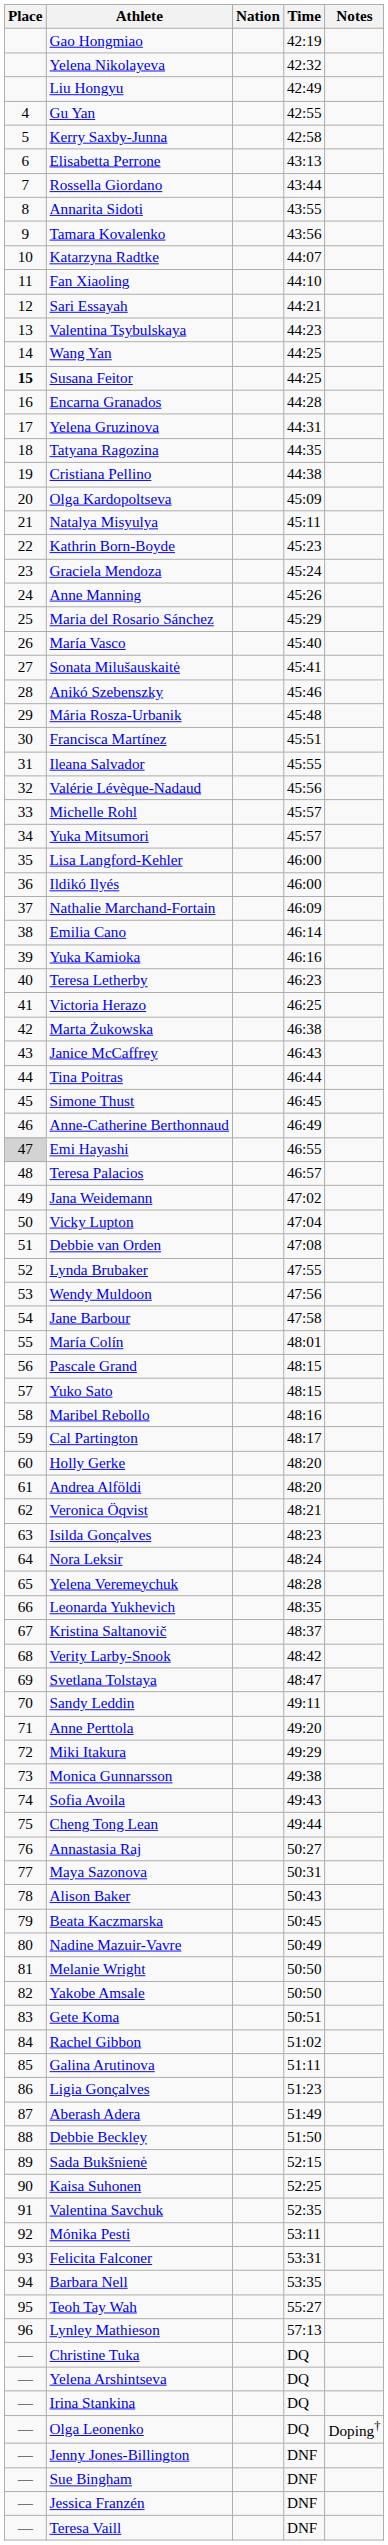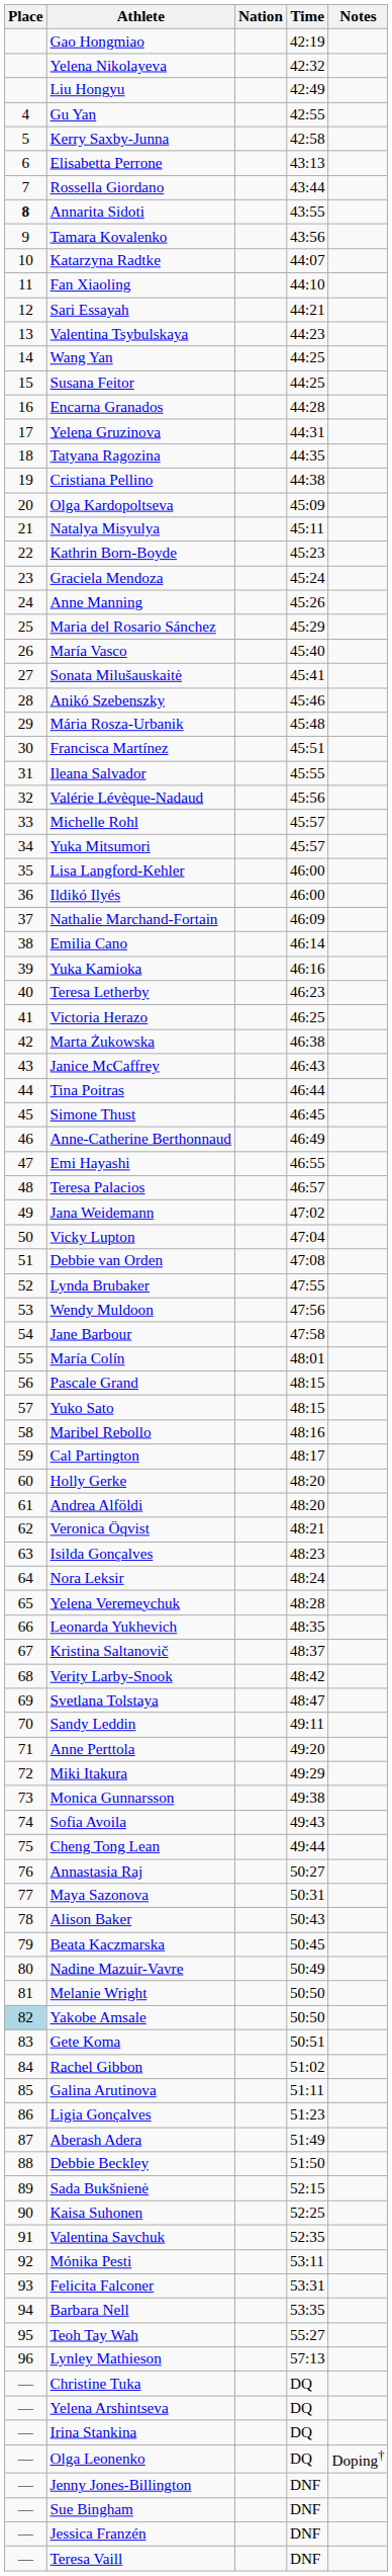 <table class="wikitable sortable">
 <tr>
 <th>Place</th>
 <th>Athlete</th>
 <th>Nation</th>
 <th>Time</th>
 <th>Notes</th>
 </tr>
 <tr>
 <td align=center></td>
 <td><a href='#'>Gao Hongmiao</a></td>
 <td></td>
 <td>42:19</td>
 <td> </td>
 </tr>
 <tr>
 <td align=center></td>
 <td><a href='#'>Yelena Nikolayeva</a></td>
 <td></td>
 <td>42:32</td>
 <td> </td>
 </tr>
 <tr>
 <td align=center></td>
 <td><a href='#'>Liu Hongyu</a></td>
 <td></td>
 <td>42:49</td>
 <td> </td>
 </tr>
 <tr>
 <td align=center>4</td>
 <td><a href='#'>Gu Yan</a></td>
 <td></td>
 <td>42:55</td>
 <td> </td>
 </tr>
 <tr>
 <td align=center>5</td>
 <td><a href='#'>Kerry Saxby-Junna</a></td>
 <td></td>
 <td>42:58</td>
 <td> </td>
 </tr>
 <tr>
 <td align=center>6</td>
 <td><a href='#'>Elisabetta Perrone</a></td>
 <td></td>
 <td>43:13</td>
 <td> </td>
 </tr>
 <tr>
 <td align=center>7</td>
 <td><a href='#'>Rossella Giordano</a></td>
 <td></td>
 <td>43:44</td>
 <td> </td>
 </tr>
 <tr>
-<td align=center>8</td>
+<td align=center><strong>8</strong></td>
 <td><a href='#'>Annarita Sidoti</a></td>
 <td></td>
 <td>43:55</td>
 <td> </td>
 </tr>
 <tr>
 <td align=center>9</td>
 <td><a href='#'>Tamara Kovalenko</a></td>
 <td></td>
 <td>43:56</td>
 <td> </td>
 </tr>
 <tr>
 <td align=center>10</td>
 <td><a href='#'>Katarzyna Radtke</a></td>
 <td></td>
 <td>44:07</td>
 <td> </td>
 </tr>
 <tr>
 <td align=center>11</td>
 <td><a href='#'>Fan Xiaoling</a></td>
 <td></td>
 <td>44:10</td>
 <td> </td>
 </tr>
 <tr>
 <td align=center>12</td>
 <td><a href='#'>Sari Essayah</a></td>
 <td></td>
 <td>44:21</td>
 <td> </td>
 </tr>
 <tr>
 <td align=center>13</td>
 <td><a href='#'>Valentina Tsybulskaya</a></td>
 <td></td>
 <td>44:23</td>
 <td> </td>
 </tr>
 <tr>
 <td align=center>14</td>
 <td><a href='#'>Wang Yan</a></td>
 <td></td>
 <td>44:25</td>
 <td> </td>
 </tr>
 <tr>
-<td align=center><strong>15</strong></td>
+<td align=center>15</td>
 <td><a href='#'>Susana Feitor</a></td>
 <td></td>
 <td>44:25</td>
 <td> </td>
 </tr>
 <tr>
 <td align=center>16</td>
 <td><a href='#'>Encarna Granados</a></td>
 <td></td>
 <td>44:28</td>
 <td> </td>
 </tr>
 <tr>
 <td align=center>17</td>
 <td><a href='#'>Yelena Gruzinova</a></td>
 <td></td>
 <td>44:31</td>
 <td> </td>
 </tr>
 <tr>
 <td align=center>18</td>
 <td><a href='#'>Tatyana Ragozina</a></td>
 <td></td>
 <td>44:35</td>
 <td> </td>
 </tr>
 <tr>
 <td align=center>19</td>
 <td><a href='#'>Cristiana Pellino</a></td>
 <td></td>
 <td>44:38</td>
 <td> </td>
 </tr>
 <tr>
 <td align=center>20</td>
 <td><a href='#'>Olga Kardopoltseva</a></td>
 <td></td>
 <td>45:09</td>
 <td> </td>
 </tr>
 <tr>
 <td align=center>21</td>
 <td><a href='#'>Natalya Misyulya</a></td>
 <td></td>
 <td>45:11</td>
 <td></td>
 </tr>
 <tr>
 <td align=center>22</td>
 <td><a href='#'>Kathrin Born-Boyde</a></td>
 <td></td>
 <td>45:23</td>
 <td></td>
 </tr>
 <tr>
 <td align=center>23</td>
 <td><a href='#'>Graciela Mendoza</a></td>
 <td></td>
 <td>45:24</td>
 <td></td>
 </tr>
 <tr>
 <td align=center>24</td>
 <td><a href='#'>Anne Manning</a></td>
 <td></td>
 <td>45:26</td>
 <td></td>
 </tr>
 <tr>
 <td align=center>25</td>
 <td><a href='#'>Maria del Rosario Sánchez</a></td>
 <td></td>
 <td>45:29</td>
 <td></td>
 </tr>
 <tr>
 <td align=center>26</td>
 <td><a href='#'>María Vasco</a></td>
 <td></td>
 <td>45:40</td>
 <td></td>
 </tr>
 <tr>
 <td align=center>27</td>
 <td><a href='#'>Sonata Milušauskaitė</a></td>
 <td></td>
 <td>45:41</td>
 <td></td>
 </tr>
 <tr>
 <td align=center>28</td>
 <td><a href='#'>Anikó Szebenszky</a></td>
 <td></td>
 <td>45:46</td>
 <td></td>
 </tr>
 <tr>
 <td align=center>29</td>
 <td><a href='#'>Mária Rosza-Urbanik</a></td>
 <td></td>
 <td>45:48</td>
 <td></td>
 </tr>
 <tr>
 <td align=center>30</td>
 <td><a href='#'>Francisca Martínez</a></td>
 <td></td>
 <td>45:51</td>
 <td></td>
 </tr>
 <tr>
 <td align=center>31</td>
 <td><a href='#'>Ileana Salvador</a></td>
 <td></td>
 <td>45:55</td>
 <td></td>
 </tr>
 <tr>
 <td align=center>32</td>
 <td><a href='#'>Valérie Lévèque-Nadaud</a></td>
 <td></td>
 <td>45:56</td>
 <td></td>
 </tr>
 <tr>
 <td align=center>33</td>
 <td><a href='#'>Michelle Rohl</a></td>
 <td></td>
 <td>45:57</td>
 <td></td>
 </tr>
 <tr>
 <td align=center>34</td>
 <td><a href='#'>Yuka Mitsumori</a></td>
 <td></td>
 <td>45:57</td>
 <td></td>
 </tr>
 <tr>
 <td align=center>35</td>
 <td><a href='#'>Lisa Langford-Kehler</a></td>
 <td></td>
 <td>46:00</td>
 <td></td>
 </tr>
 <tr>
 <td align=center>36</td>
 <td><a href='#'>Ildikó Ilyés</a></td>
 <td></td>
 <td>46:00</td>
 <td></td>
 </tr>
 <tr>
 <td align=center>37</td>
 <td><a href='#'>Nathalie Marchand-Fortain</a></td>
 <td></td>
 <td>46:09</td>
 <td></td>
 </tr>
 <tr>
 <td align=center>38</td>
 <td><a href='#'>Emilia Cano</a></td>
 <td></td>
 <td>46:14</td>
 <td></td>
 </tr>
 <tr>
 <td align=center>39</td>
 <td><a href='#'>Yuka Kamioka</a></td>
 <td></td>
 <td>46:16</td>
 <td></td>
 </tr>
 <tr>
 <td align=center>40</td>
 <td><a href='#'>Teresa Letherby</a></td>
 <td></td>
 <td>46:23</td>
 <td></td>
 </tr>
 <tr>
 <td align=center>41</td>
 <td><a href='#'>Victoria Herazo</a></td>
 <td></td>
 <td>46:25</td>
 <td></td>
 </tr>
 <tr>
 <td align=center>42</td>
 <td><a href='#'>Marta Żukowska</a></td>
 <td></td>
 <td>46:38</td>
 <td></td>
 </tr>
 <tr>
 <td align=center>43</td>
 <td><a href='#'>Janice McCaffrey</a></td>
 <td></td>
 <td>46:43</td>
 <td></td>
 </tr>
 <tr>
 <td align=center>44</td>
 <td><a href='#'>Tina Poitras</a></td>
 <td></td>
 <td>46:44</td>
 <td></td>
 </tr>
 <tr>
 <td align=center>45</td>
 <td><a href='#'>Simone Thust</a></td>
 <td></td>
 <td>46:45</td>
 <td></td>
 </tr>
 <tr>
 <td align=center>46</td>
 <td><a href='#'>Anne-Catherine Berthonnaud</a></td>
 <td></td>
 <td>46:49</td>
 <td></td>
 </tr>
 <tr>
-<td align=center style="background: lightgrey;">47</td>
+<td align=center>47</td>
 <td><a href='#'>Emi Hayashi</a></td>
 <td></td>
 <td>46:55</td>
 <td></td>
 </tr>
 <tr>
 <td align=center>48</td>
 <td><a href='#'>Teresa Palacios</a></td>
 <td></td>
 <td>46:57</td>
 <td></td>
 </tr>
 <tr>
 <td align=center>49</td>
 <td><a href='#'>Jana Weidemann</a></td>
 <td></td>
 <td>47:02</td>
 <td></td>
 </tr>
 <tr>
 <td align=center>50</td>
 <td><a href='#'>Vicky Lupton</a></td>
 <td></td>
 <td>47:04</td>
 <td></td>
 </tr>
 <tr>
 <td align=center>51</td>
 <td><a href='#'>Debbie van Orden</a></td>
 <td></td>
 <td>47:08</td>
 <td></td>
 </tr>
 <tr>
 <td align=center>52</td>
 <td><a href='#'>Lynda Brubaker</a></td>
 <td></td>
 <td>47:55</td>
 <td></td>
 </tr>
 <tr>
 <td align=center>53</td>
 <td><a href='#'>Wendy Muldoon</a></td>
 <td></td>
 <td>47:56</td>
 <td></td>
 </tr>
 <tr>
 <td align=center>54</td>
 <td><a href='#'>Jane Barbour</a></td>
 <td></td>
 <td>47:58</td>
 <td></td>
 </tr>
 <tr>
 <td align=center>55</td>
 <td><a href='#'>María Colín</a></td>
 <td></td>
 <td>48:01</td>
 <td></td>
 </tr>
 <tr>
 <td align=center>56</td>
 <td><a href='#'>Pascale Grand</a></td>
 <td></td>
 <td>48:15</td>
 <td></td>
 </tr>
 <tr>
 <td align=center>57</td>
 <td><a href='#'>Yuko Sato</a></td>
 <td></td>
 <td>48:15</td>
 <td></td>
 </tr>
 <tr>
 <td align=center>58</td>
 <td><a href='#'>Maribel Rebollo</a></td>
 <td></td>
 <td>48:16</td>
 <td></td>
 </tr>
 <tr>
 <td align=center>59</td>
 <td><a href='#'>Cal Partington</a></td>
 <td></td>
 <td>48:17</td>
 <td></td>
 </tr>
 <tr>
 <td align=center>60</td>
 <td><a href='#'>Holly Gerke</a></td>
 <td></td>
 <td>48:20</td>
 <td></td>
 </tr>
 <tr>
 <td align=center>61</td>
 <td><a href='#'>Andrea Alföldi</a></td>
 <td></td>
 <td>48:20</td>
 <td></td>
 </tr>
 <tr>
 <td align=center>62</td>
 <td><a href='#'>Veronica Öqvist</a></td>
 <td></td>
 <td>48:21</td>
 <td></td>
 </tr>
 <tr>
 <td align=center>63</td>
 <td><a href='#'>Isilda Gonçalves</a></td>
 <td></td>
 <td>48:23</td>
 <td></td>
 </tr>
 <tr>
 <td align=center>64</td>
 <td><a href='#'>Nora Leksir</a></td>
 <td></td>
 <td>48:24</td>
 <td></td>
 </tr>
 <tr>
 <td align=center>65</td>
 <td><a href='#'>Yelena Veremeychuk</a></td>
 <td></td>
 <td>48:28</td>
 <td></td>
 </tr>
 <tr>
 <td align=center>66</td>
 <td><a href='#'>Leonarda Yukhevich</a></td>
 <td></td>
 <td>48:35</td>
 <td></td>
 </tr>
 <tr>
 <td align=center>67</td>
 <td><a href='#'>Kristina Saltanovič</a></td>
 <td></td>
 <td>48:37</td>
 <td></td>
 </tr>
 <tr>
 <td align=center>68</td>
 <td><a href='#'>Verity Larby-Snook</a></td>
 <td></td>
 <td>48:42</td>
 <td></td>
 </tr>
 <tr>
 <td align=center>69</td>
 <td><a href='#'>Svetlana Tolstaya</a></td>
 <td></td>
 <td>48:47</td>
 <td></td>
 </tr>
 <tr>
 <td align=center>70</td>
 <td><a href='#'>Sandy Leddin</a></td>
 <td></td>
 <td>49:11</td>
 <td></td>
 </tr>
 <tr>
 <td align=center>71</td>
 <td><a href='#'>Anne Perttola</a></td>
 <td></td>
 <td>49:20</td>
 <td></td>
 </tr>
 <tr>
 <td align=center>72</td>
 <td><a href='#'>Miki Itakura</a></td>
 <td></td>
 <td>49:29</td>
 <td></td>
 </tr>
 <tr>
 <td align=center>73</td>
 <td><a href='#'>Monica Gunnarsson</a></td>
 <td></td>
 <td>49:38</td>
 <td></td>
 </tr>
 <tr>
 <td align=center>74</td>
 <td><a href='#'>Sofia Avoila</a></td>
 <td></td>
 <td>49:43</td>
 <td></td>
 </tr>
 <tr>
 <td align=center>75</td>
 <td><a href='#'>Cheng Tong Lean</a></td>
 <td></td>
 <td>49:44</td>
 <td></td>
 </tr>
 <tr>
 <td align=center>76</td>
 <td><a href='#'>Annastasia Raj</a></td>
 <td></td>
 <td>50:27</td>
 <td></td>
 </tr>
 <tr>
 <td align=center>77</td>
 <td><a href='#'>Maya Sazonova</a></td>
 <td></td>
 <td>50:31</td>
 <td></td>
 </tr>
 <tr>
 <td align=center>78</td>
 <td><a href='#'>Alison Baker</a></td>
 <td></td>
 <td>50:43</td>
 <td></td>
 </tr>
 <tr>
 <td align=center>79</td>
 <td><a href='#'>Beata Kaczmarska</a></td>
 <td></td>
 <td>50:45</td>
 <td></td>
 </tr>
 <tr>
 <td align=center>80</td>
 <td><a href='#'>Nadine Mazuir-Vavre</a></td>
 <td></td>
 <td>50:49</td>
 <td></td>
 </tr>
 <tr>
 <td align=center>81</td>
 <td><a href='#'>Melanie Wright</a></td>
 <td></td>
 <td>50:50</td>
 <td></td>
 </tr>
 <tr>
-<td align=center>82</td>
+<td align=center style="background: lightblue;">82</td>
 <td><a href='#'>Yakobe Amsale</a></td>
 <td></td>
 <td>50:50</td>
 <td></td>
 </tr>
 <tr>
 <td align=center>83</td>
 <td><a href='#'>Gete Koma</a></td>
 <td></td>
 <td>50:51</td>
 <td></td>
 </tr>
 <tr>
 <td align=center>84</td>
 <td><a href='#'>Rachel Gibbon</a></td>
 <td></td>
 <td>51:02</td>
 <td></td>
 </tr>
 <tr>
 <td align=center>85</td>
 <td><a href='#'>Galina Arutinova</a></td>
 <td></td>
 <td>51:11</td>
 <td></td>
 </tr>
 <tr>
 <td align=center>86</td>
 <td><a href='#'>Ligia Gonçalves</a></td>
 <td></td>
 <td>51:23</td>
 <td></td>
 </tr>
 <tr>
 <td align=center>87</td>
 <td><a href='#'>Aberash Adera</a></td>
 <td></td>
 <td>51:49</td>
 <td></td>
 </tr>
 <tr>
 <td align=center>88</td>
 <td><a href='#'>Debbie Beckley</a></td>
 <td></td>
 <td>51:50</td>
 <td></td>
 </tr>
 <tr>
 <td align=center>89</td>
 <td><a href='#'>Sada Bukšnienė</a></td>
 <td></td>
 <td>52:15</td>
 <td></td>
 </tr>
 <tr>
 <td align=center>90</td>
 <td><a href='#'>Kaisa Suhonen</a></td>
 <td></td>
 <td>52:25</td>
 <td></td>
 </tr>
 <tr>
 <td align=center>91</td>
 <td><a href='#'>Valentina Savchuk</a></td>
 <td></td>
 <td>52:35</td>
 <td></td>
 </tr>
 <tr>
 <td align=center>92</td>
 <td><a href='#'>Mónika Pesti</a></td>
 <td></td>
 <td>53:11</td>
 <td></td>
 </tr>
 <tr>
 <td align=center>93</td>
 <td><a href='#'>Felicita Falconer</a></td>
 <td></td>
 <td>53:31</td>
 <td></td>
 </tr>
 <tr>
 <td align=center>94</td>
 <td><a href='#'>Barbara Nell</a></td>
 <td></td>
 <td>53:35</td>
 <td></td>
 </tr>
 <tr>
 <td align=center>95</td>
 <td><a href='#'>Teoh Tay Wah</a></td>
 <td></td>
 <td>55:27</td>
 <td></td>
 </tr>
 <tr>
 <td align=center>96</td>
 <td><a href='#'>Lynley Mathieson</a></td>
 <td></td>
 <td>57:13</td>
 <td></td>
 </tr>
 <tr>
 <td align=center>—</td>
 <td><a href='#'>Christine Tuka</a></td>
 <td></td>
 <td>DQ</td>
 <td></td>
 </tr>
 <tr>
 <td align=center>—</td>
 <td><a href='#'>Yelena Arshintseva</a></td>
 <td></td>
 <td>DQ</td>
 <td></td>
 </tr>
 <tr>
 <td align=center>—</td>
 <td><a href='#'>Irina Stankina</a></td>
 <td></td>
 <td>DQ</td>
 <td></td>
 </tr>
 <tr>
 <td align=center>—</td>
 <td><a href='#'>Olga Leonenko</a></td>
 <td></td>
 <td>DQ</td>
 <td>Doping<sup>†</sup></td>
 </tr>
 <tr>
 <td align=center>—</td>
 <td><a href='#'>Jenny Jones-Billington</a></td>
 <td></td>
 <td>DNF</td>
 <td></td>
 </tr>
 <tr>
 <td align=center>—</td>
 <td><a href='#'>Sue Bingham</a></td>
 <td></td>
 <td>DNF</td>
 <td></td>
 </tr>
 <tr>
 <td align=center>—</td>
 <td><a href='#'>Jessica Franzén</a></td>
 <td></td>
 <td>DNF</td>
 <td></td>
 </tr>
 <tr>
 <td align=center>—</td>
 <td><a href='#'>Teresa Vaill</a></td>
 <td></td>
 <td>DNF</td>
 <td></td>
 </tr>
 </table>
